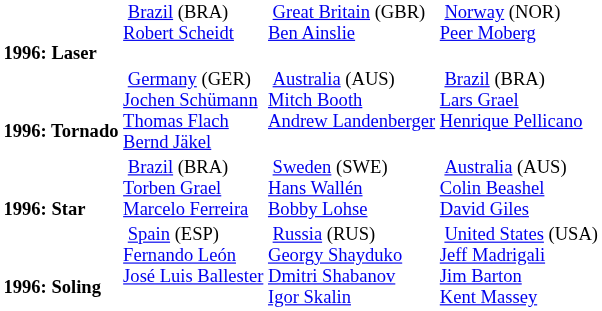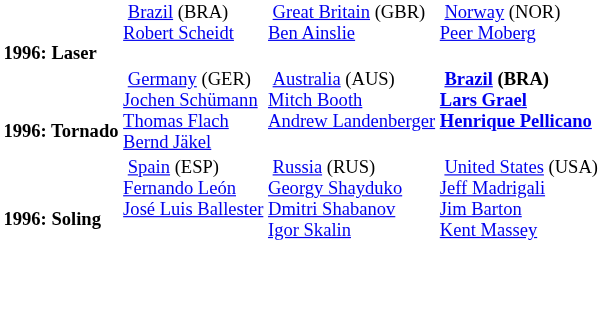 <table>
 <tr>
 <td style="align:center;"><br><br><strong>1996: Laser</strong> <br></td>
 <td style="vertical-align:top;"> <a href='#'>Brazil</a> <span>(BRA)</span><br><a href='#'>Robert Scheidt</a></td>
 <td style="vertical-align:top;"> <a href='#'>Great Britain</a> <span>(GBR)</span><br><a href='#'>Ben Ainslie</a></td>
 <td style="vertical-align:top;"> <a href='#'>Norway</a> <span>(NOR)</span><br><a href='#'>Peer Moberg</a></td>
 </tr>
 <tr>
 <td style="align:center;"><br><br><strong>1996: Tornado</strong> <br></td>
 <td style="vertical-align:top;"> <a href='#'>Germany</a> <span>(GER)</span><br><a href='#'>Jochen Schümann</a><br><a href='#'>Thomas Flach</a><br><a href='#'>Bernd Jäkel</a></td>
 <td style="vertical-align:top;"> <a href='#'>Australia</a> <span>(AUS)</span><br><a href='#'>Mitch Booth</a><br><a href='#'>Andrew Landenberger</a></td>
-<td style="vertical-align:top;"> <a href='#'>Brazil</a> <span>(BRA)</span><br><a href='#'>Lars Grael</a><br><a href='#'>Henrique Pellicano</a></td>
-</tr>
-<tr>
-<td style="align:center;"><br><br><strong>1996: Star</strong> <br></td>
-<td style="vertical-align:top;"> <a href='#'>Brazil</a> <span>(BRA)</span><br><a href='#'>Torben Grael</a><br><a href='#'>Marcelo Ferreira</a></td>
-<td style="vertical-align:top;"> <a href='#'>Sweden</a> <span>(SWE)</span><br><a href='#'>Hans Wallén</a><br><a href='#'>Bobby Lohse</a></td>
-<td style="vertical-align:top;"> <a href='#'>Australia</a> <span>(AUS)</span><br><a href='#'>Colin Beashel</a><br><a href='#'>David Giles</a></td>
+<td style="vertical-align:top;"><strong> <a href='#'>Brazil</a> <span>(BRA)</span><br><a href='#'>Lars Grael</a><br><a href='#'>Henrique Pellicano</a></strong></td>
 </tr>
 <tr>
 <td style="align:center;"><br><br><strong>1996: Soling</strong> <br></td>
 <td style="vertical-align:top;"> <a href='#'>Spain</a> <span>(ESP)</span><br><a href='#'>Fernando León</a><br><a href='#'>José Luis Ballester</a></td>
 <td style="vertical-align:top;"> <a href='#'>Russia</a> <span>(RUS)</span><br><a href='#'>Georgy Shayduko</a><br><a href='#'>Dmitri Shabanov</a><br><a href='#'>Igor Skalin</a></td>
 <td style="vertical-align:top;"> <a href='#'>United States</a> <span>(USA)</span><br><a href='#'>Jeff Madrigali</a><br><a href='#'>Jim Barton</a><br><a href='#'>Kent Massey</a></td>
 </tr>
 </table>
